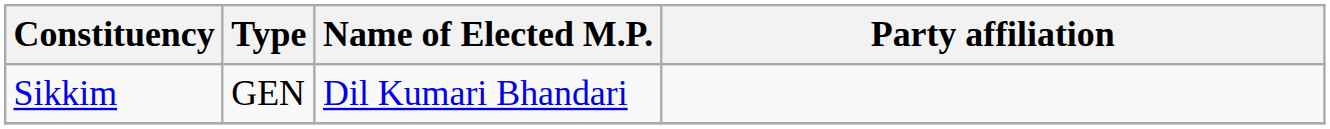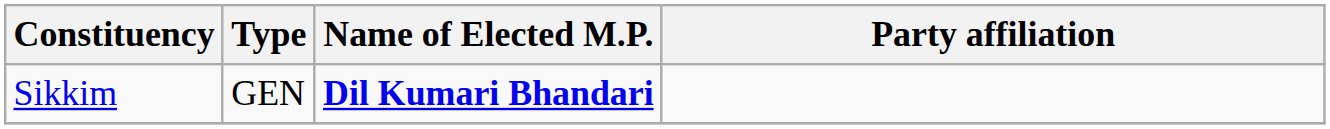 <table class="wikitable" style="font-size:95%;">
 <tr>
 <th>Constituency</th>
 <th>Type</th>
 <th>Name of Elected M.P.</th>
 <th colspan="2" style="width:18em">Party affiliation</th>
 </tr>
 <tr>
 <td><a href='#'>Sikkim</a></td>
 <td>GEN</td>
-<td><a href='#'>Dil Kumari Bhandari</a></td>
+<td><strong><a href='#'>Dil Kumari Bhandari</a></strong></td>
 <td></td>
 </tr>
 <tr>
 </tr>
 </table>
